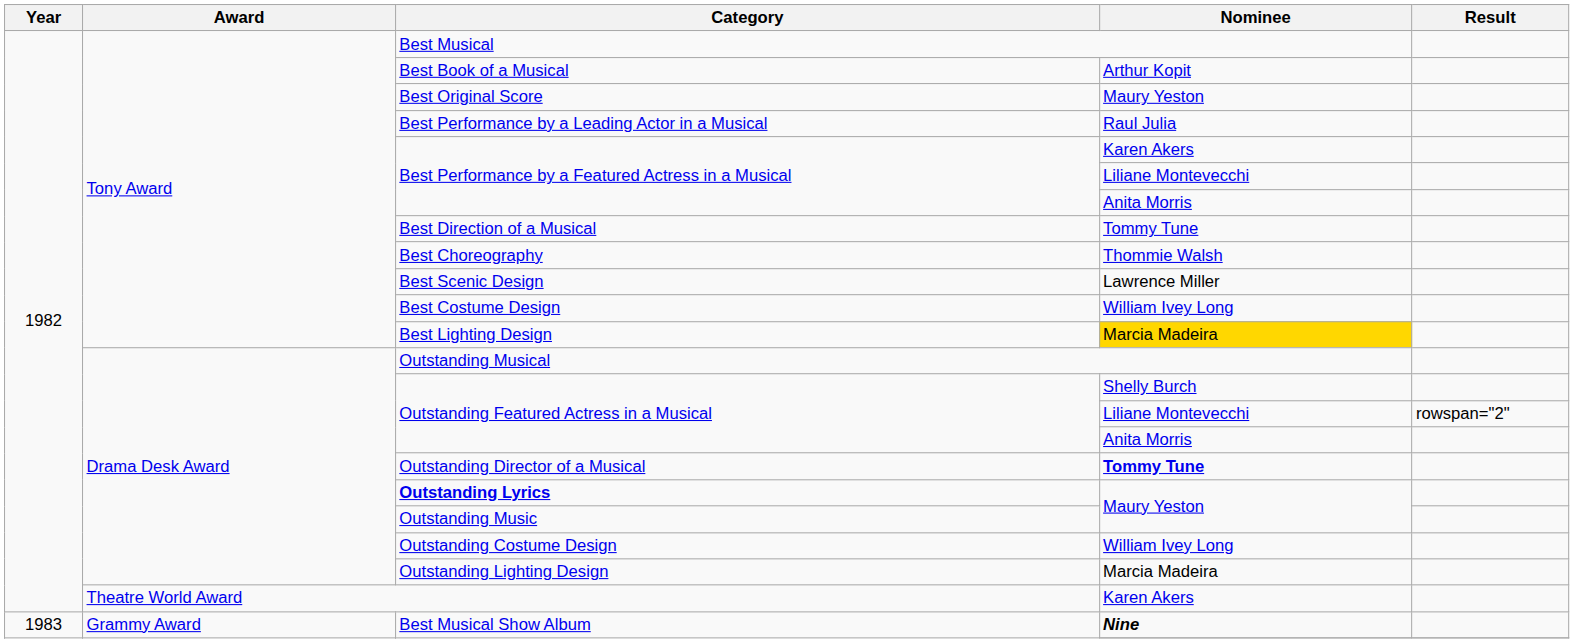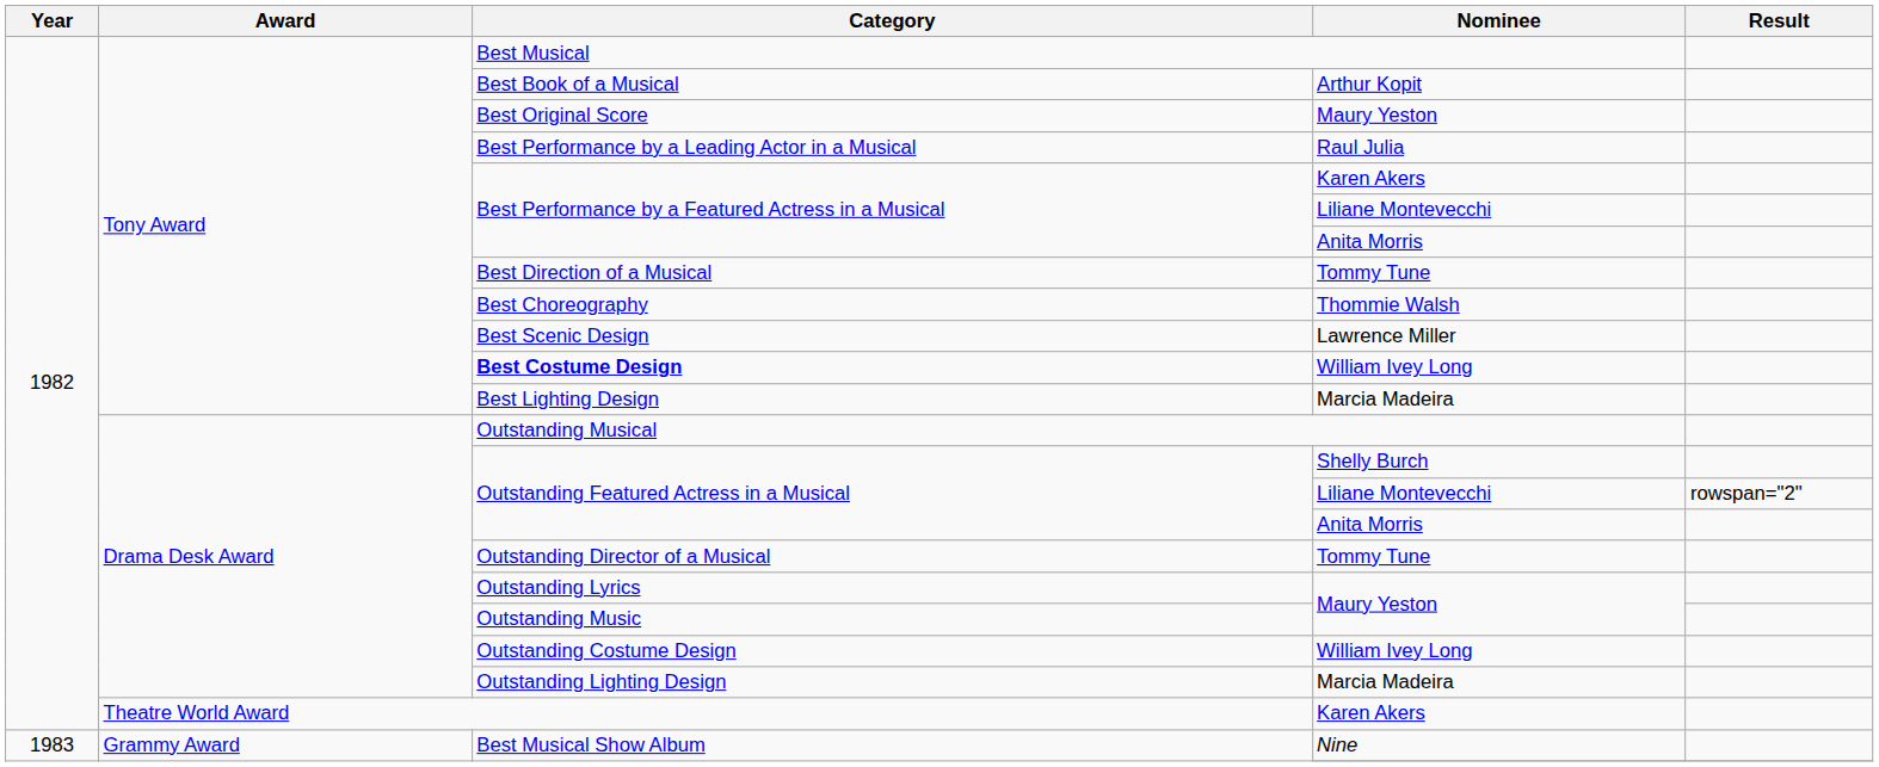 <table class="wikitable" width="95%">
 <tr>
 <th width="5%">Year</th>
 <th width="20%">Award</th>
 <th width="45%">Category</th>
 <th width="20%">Nominee</th>
 <th width="10%">Result</th>
 </tr>
 <tr>
 <td rowspan="22" align="center">1982</td>
 <td rowspan="12"><a href='#'>Tony Award</a></td>
 <td colspan="2"><a href='#'>Best Musical</a></td>
 <td></td>
 </tr>
 <tr>
 <td><a href='#'>Best Book of a Musical</a></td>
 <td><a href='#'>Arthur Kopit</a></td>
 <td></td>
 </tr>
 <tr>
 <td><a href='#'>Best Original Score</a></td>
 <td><a href='#'>Maury Yeston</a></td>
 <td></td>
 </tr>
 <tr>
 <td><a href='#'>Best Performance by a Leading Actor in a Musical</a></td>
 <td><a href='#'>Raul Julia</a></td>
 <td></td>
 </tr>
 <tr>
 <td rowspan="3"><a href='#'>Best Performance by a Featured Actress in a Musical</a></td>
 <td><a href='#'>Karen Akers</a></td>
 <td></td>
 </tr>
 <tr>
 <td><a href='#'>Liliane Montevecchi</a></td>
 <td></td>
 </tr>
 <tr>
 <td><a href='#'>Anita Morris</a></td>
 <td></td>
 </tr>
 <tr>
 <td><a href='#'>Best Direction of a Musical</a></td>
 <td><a href='#'>Tommy Tune</a></td>
 <td></td>
 </tr>
 <tr>
 <td><a href='#'>Best Choreography</a></td>
 <td><a href='#'>Thommie Walsh</a></td>
 <td></td>
 </tr>
 <tr>
 <td><a href='#'>Best Scenic Design</a></td>
 <td>Lawrence Miller</td>
 <td></td>
 </tr>
 <tr>
-<td><a href='#'>Best Costume Design</a></td>
+<td><strong><a href='#'>Best Costume Design</a></strong></td>
 <td><a href='#'>William Ivey Long</a></td>
 <td></td>
 </tr>
 <tr>
 <td><a href='#'>Best Lighting Design</a></td>
-<td style="background: gold;">Marcia Madeira</td>
+<td>Marcia Madeira</td>
 <td></td>
 </tr>
 <tr>
 <td rowspan="9"><a href='#'>Drama Desk Award</a></td>
 <td colspan="2"><a href='#'>Outstanding Musical</a></td>
 <td></td>
 </tr>
 <tr>
 <td rowspan="3"><a href='#'>Outstanding Featured Actress in a Musical</a></td>
 <td><a href='#'>Shelly Burch</a></td>
 <td></td>
 </tr>
 <tr>
 <td><a href='#'>Liliane Montevecchi</a></td>
 <td>rowspan="2" </td>
 </tr>
 <tr>
 <td><a href='#'>Anita Morris</a></td>
 </tr>
 <tr>
 <td><a href='#'>Outstanding Director of a Musical</a></td>
-<td><strong><a href='#'>Tommy Tune</a></strong></td>
+<td><a href='#'>Tommy Tune</a></td>
 <td></td>
 </tr>
 <tr>
-<td><strong><a href='#'>Outstanding Lyrics</a></strong></td>
+<td><a href='#'>Outstanding Lyrics</a></td>
 <td rowspan="2"><a href='#'>Maury Yeston</a></td>
 <td></td>
 </tr>
 <tr>
 <td><a href='#'>Outstanding Music</a></td>
 <td></td>
 </tr>
 <tr>
 <td><a href='#'>Outstanding Costume Design</a></td>
 <td><a href='#'>William Ivey Long</a></td>
 <td></td>
 </tr>
 <tr>
 <td><a href='#'>Outstanding Lighting Design</a></td>
 <td>Marcia Madeira</td>
 <td></td>
 </tr>
 <tr>
 <td colspan="2"><a href='#'>Theatre World Award</a></td>
 <td><a href='#'>Karen Akers</a></td>
 <td></td>
 </tr>
 <tr>
 <td rowspan="6" align="center">1983</td>
 <td rowspan="5"><a href='#'>Grammy Award</a></td>
 <td rowspan="2"><a href='#'>Best Musical Show Album</a></td>
-<td><strong><em>Nine</em></strong></td>
+<td><em>Nine</em></td>
 <td></td>
 </tr>
 <tr>
 </tr>
 </table>
